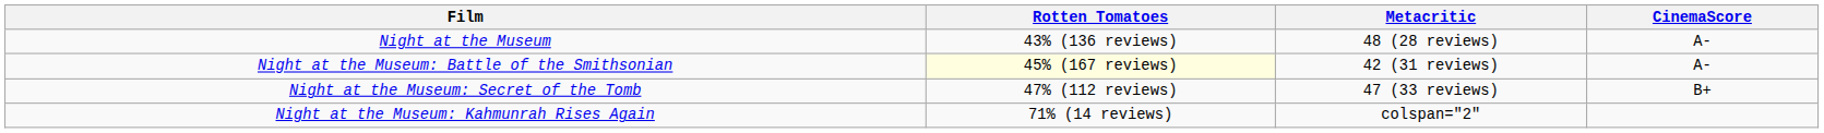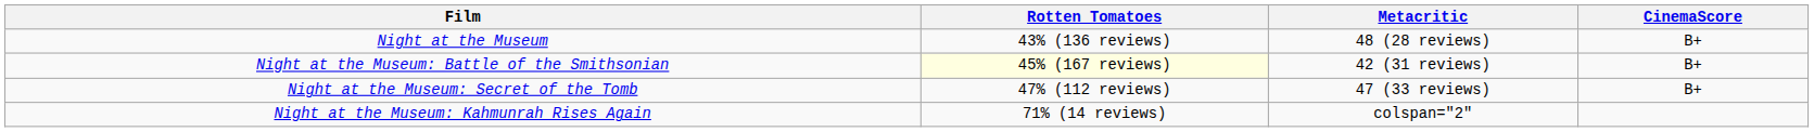 <table class="wikitable" width=99% border="1" style="text-align: center;">
 <tr>
 <th>Film</th>
 <th><a href='#'>Rotten Tomatoes</a></th>
 <th><a href='#'>Metacritic</a></th>
 <th><a href='#'>CinemaScore</a></th>
 </tr>
 <tr>
 <td><em><a href='#'>Night at the Museum</a></em></td>
 <td>43% (136 reviews)</td>
 <td>48 (28 reviews)</td>
-<td>A-</td>
+<td>B+</td>
 </tr>
 <tr>
 <td><em><a href='#'>Night at the Museum: Battle of the Smithsonian</a></em></td>
 <td style="background: lightyellow;">45% (167 reviews)</td>
 <td>42 (31 reviews)</td>
-<td>A-</td>
+<td>B+</td>
 </tr>
 <tr>
 <td><em><a href='#'>Night at the Museum: Secret of the Tomb</a></em></td>
 <td>47% (112 reviews)</td>
 <td>47 (33 reviews)</td>
 <td>B+</td>
 </tr>
 <tr>
 <td><em><a href='#'>Night at the Museum: Kahmunrah Rises Again</a></em></td>
 <td>71% (14 reviews)</td>
 <td>colspan="2" </td>
 </tr>
 </table>
